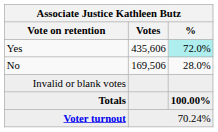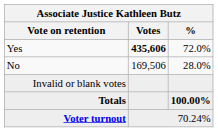 <table class="wikitable" style="font-size: 95%;">
 <tr style="background-color:#E9E9E9">
 <th colspan=7>Associate Justice Kathleen Butz</th>
 </tr>
 <tr style="background-color:#E9E9E9">
 <th style="width: 170px">Vote on retention</th>
 <th style="width: 50px">Votes</th>
 <th style="width: 40px">%</th>
 </tr>
 <tr>
 <td>Yes</td>
-<td align="right">435,606</td>
-<td align="right" style="background: paleturquoise;">72.0%</td>
+<td align="right"><strong>435,606</strong></td>
+<td align="right">72.0%</td>
 </tr>
 <tr>
 <td>No</td>
 <td align="right">169,506</td>
 <td align="right">28.0%</td>
 </tr>
 <tr bgcolor="#EEEEEE">
 <td align="right">Invalid or blank votes</td>
 <td align="right"></td>
 <td align="right"></td>
 </tr>
 <tr bgcolor="#EEEEEE">
 <td align="right"><strong>Totals</strong></td>
 <td align="right"><strong></strong></td>
 <td align="right"><strong>100.00%</strong></td>
 </tr>
 <tr bgcolor="#EEEEEE">
 <td align="right"><strong><a href='#'>Voter turnout</a></strong></td>
 <td colspan="2" align="right">70.24%</td>
 </tr>
 </table>
